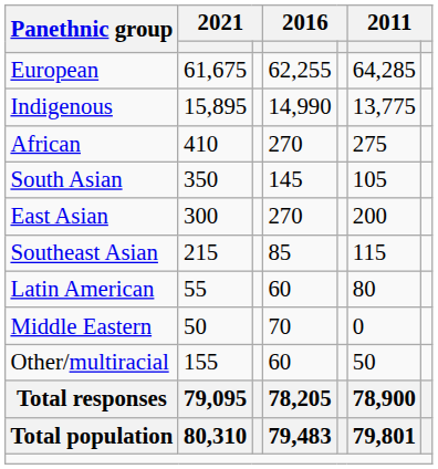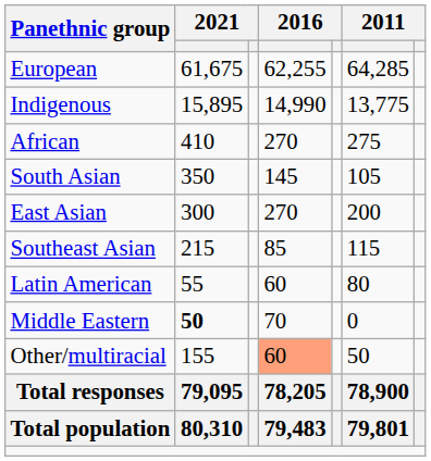 <table class="wikitable collapsible sortable">
 <tr>
 <th rowspan="2"><a href='#'>Panethnic</a> group</th>
 <th colspan="2">2021</th>
 <th colspan="2">2016</th>
 <th colspan="2">2011</th>
 </tr>
 <tr>
 <th><a href='#'></a></th>
 <th></th>
 <th></th>
 <th></th>
 <th></th>
 <th></th>
 </tr>
 <tr>
 <td><a href='#'>European</a></td>
 <td>61,675</td>
 <td></td>
 <td>62,255</td>
 <td></td>
 <td>64,285</td>
 <td></td>
 </tr>
 <tr>
 <td><a href='#'>Indigenous</a></td>
 <td>15,895</td>
 <td></td>
 <td>14,990</td>
 <td></td>
 <td>13,775</td>
 <td></td>
 </tr>
 <tr>
 <td><a href='#'>African</a></td>
 <td>410</td>
 <td></td>
 <td>270</td>
 <td></td>
 <td>275</td>
 <td></td>
 </tr>
 <tr>
 <td><a href='#'>South Asian</a></td>
 <td>350</td>
 <td></td>
 <td>145</td>
 <td></td>
 <td>105</td>
 <td></td>
 </tr>
 <tr>
 <td><a href='#'>East Asian</a></td>
 <td>300</td>
 <td></td>
 <td>270</td>
 <td></td>
 <td>200</td>
 <td></td>
 </tr>
 <tr>
 <td><a href='#'>Southeast Asian</a></td>
 <td>215</td>
 <td></td>
 <td>85</td>
 <td></td>
 <td>115</td>
 <td></td>
 </tr>
 <tr>
 <td><a href='#'>Latin American</a></td>
 <td>55</td>
 <td></td>
 <td>60</td>
 <td></td>
 <td>80</td>
 <td></td>
 </tr>
 <tr>
 <td><a href='#'>Middle Eastern</a></td>
-<td>50</td>
+<td><strong>50</strong></td>
 <td></td>
 <td>70</td>
 <td></td>
 <td>0</td>
 <td></td>
 </tr>
 <tr>
 <td>Other/<a href='#'>multiracial</a></td>
 <td>155</td>
 <td></td>
-<td>60</td>
+<td style="background: lightsalmon;">60</td>
 <td></td>
 <td>50</td>
 <td></td>
 </tr>
 <tr>
 <th>Total responses</th>
 <th>79,095</th>
 <th></th>
 <th>78,205</th>
 <th></th>
 <th>78,900</th>
 <th></th>
 </tr>
 <tr class="sortbottom">
 <th>Total population</th>
 <th>80,310</th>
 <th></th>
 <th>79,483</th>
 <th></th>
 <th>79,801</th>
 <th></th>
 </tr>
 <tr class="sortbottom">
 <td colspan="15"></td>
 </tr>
 </table>
